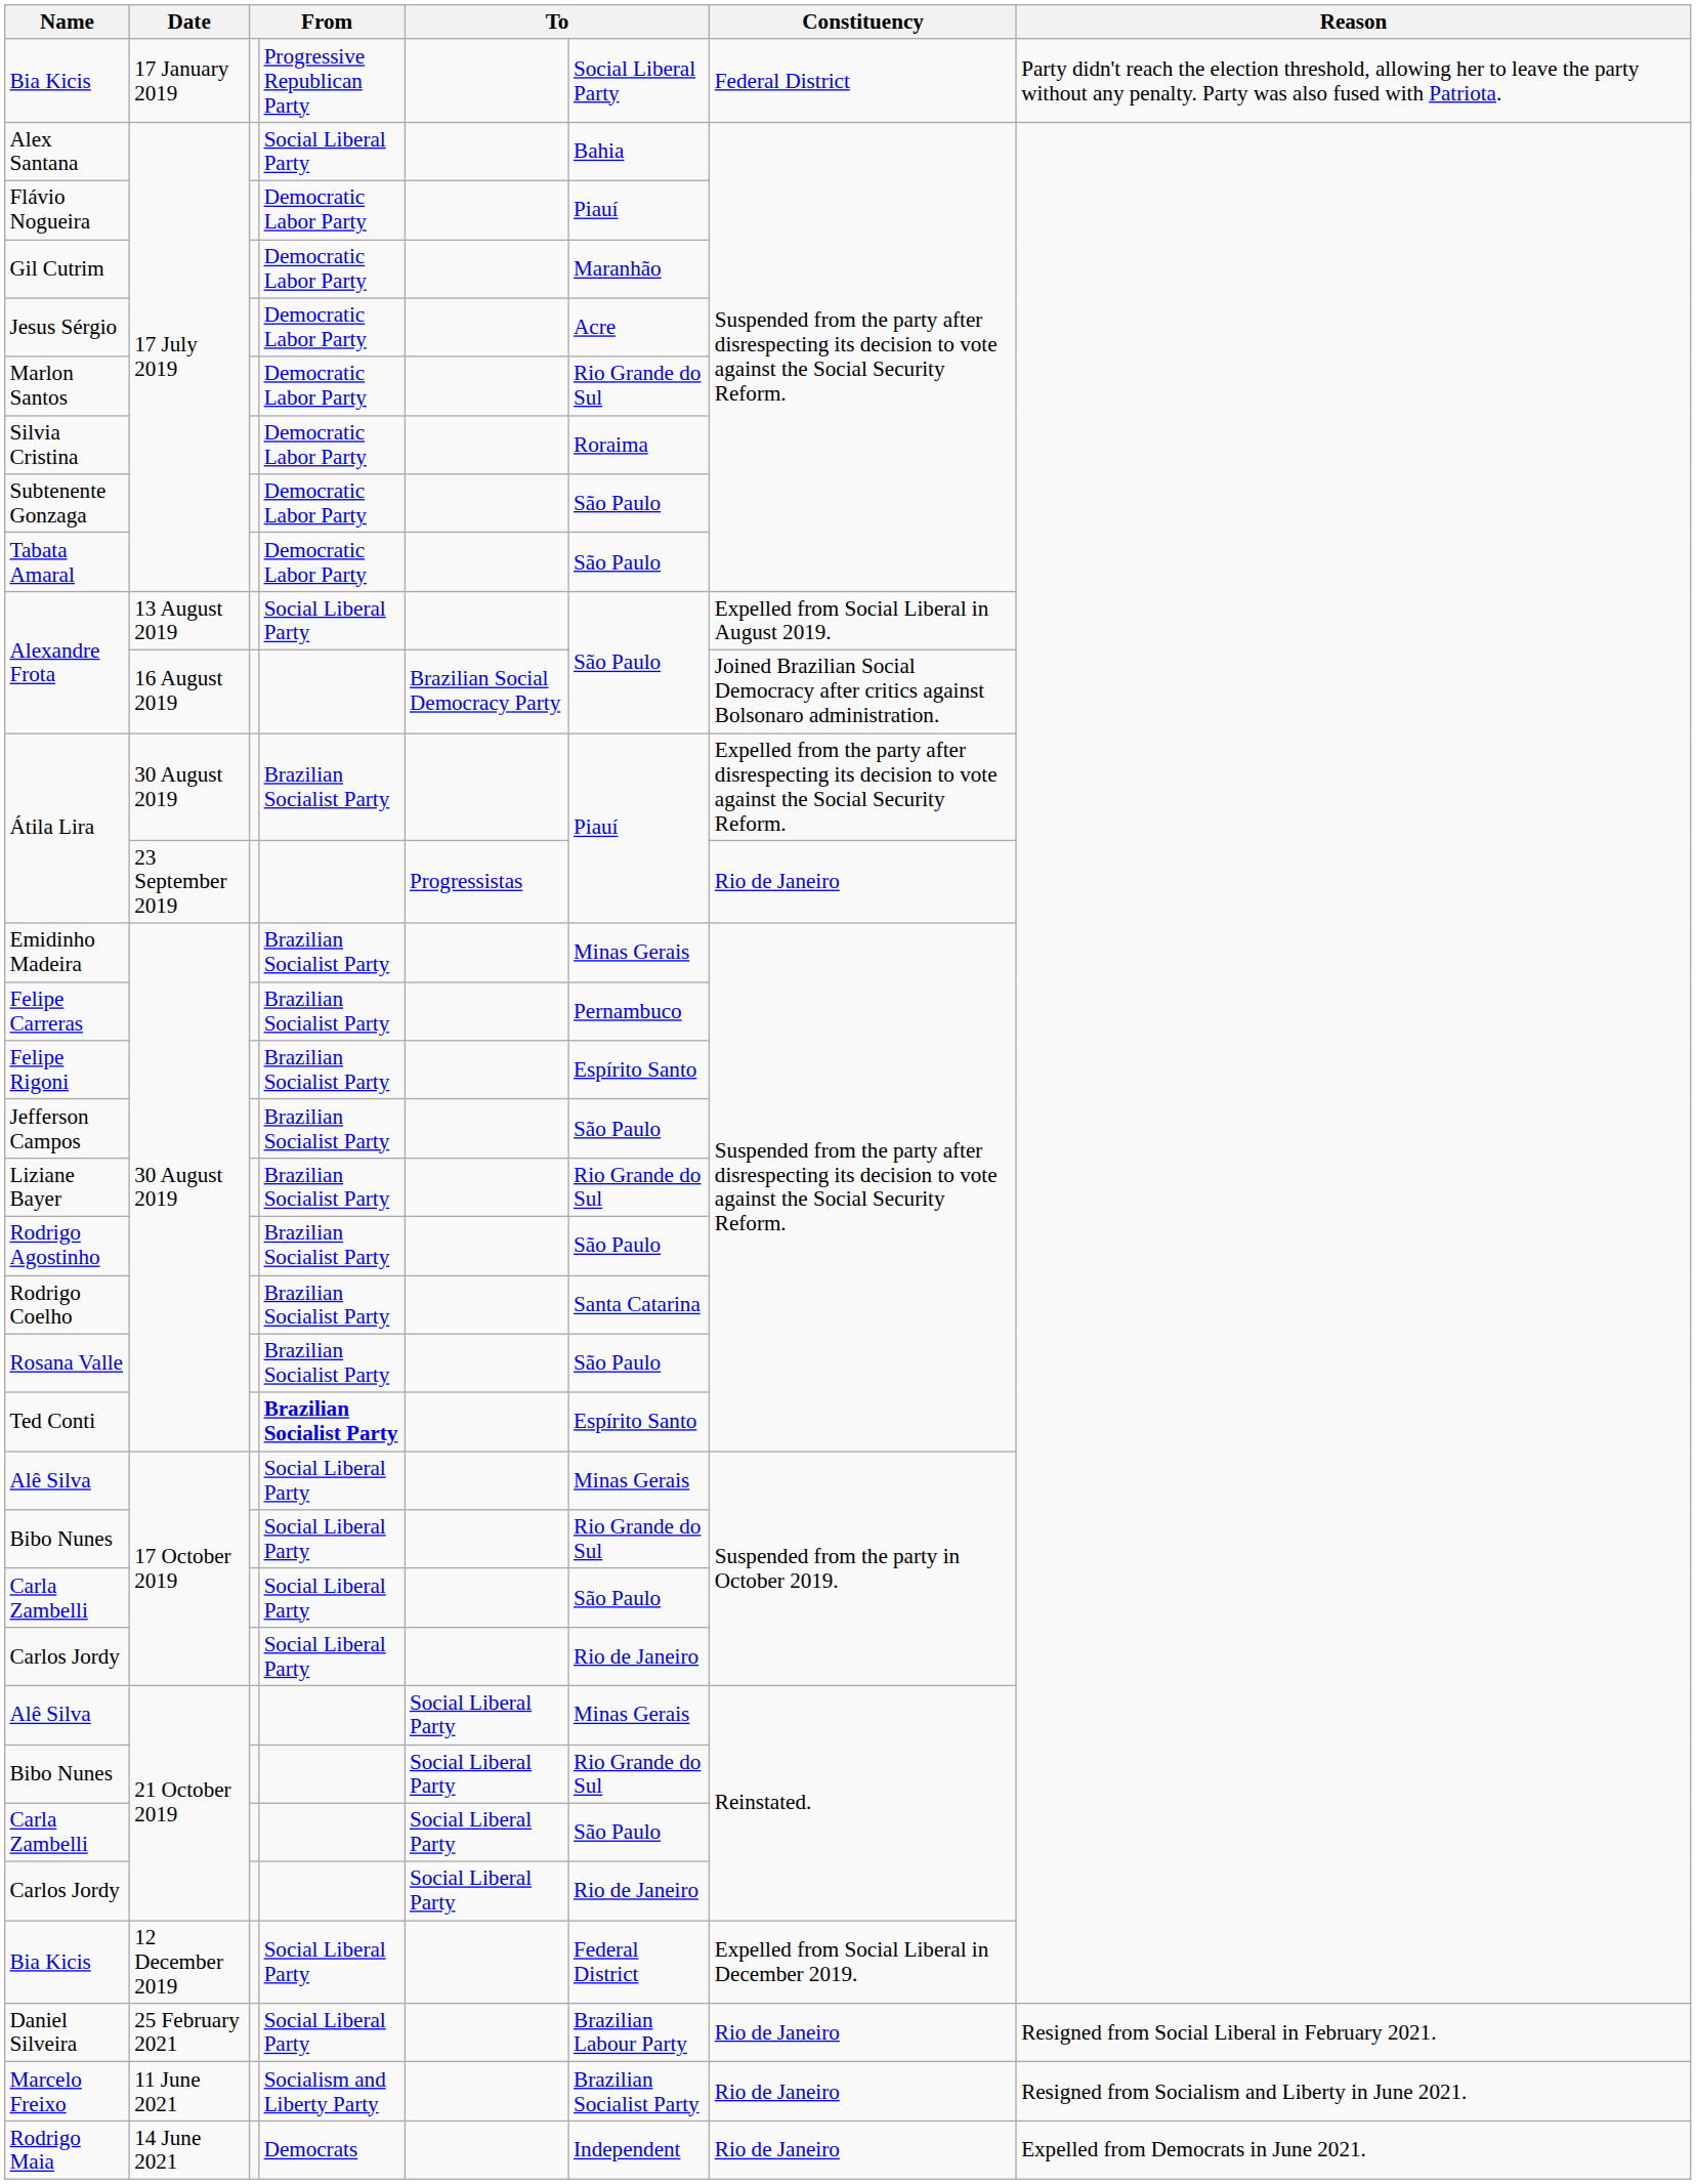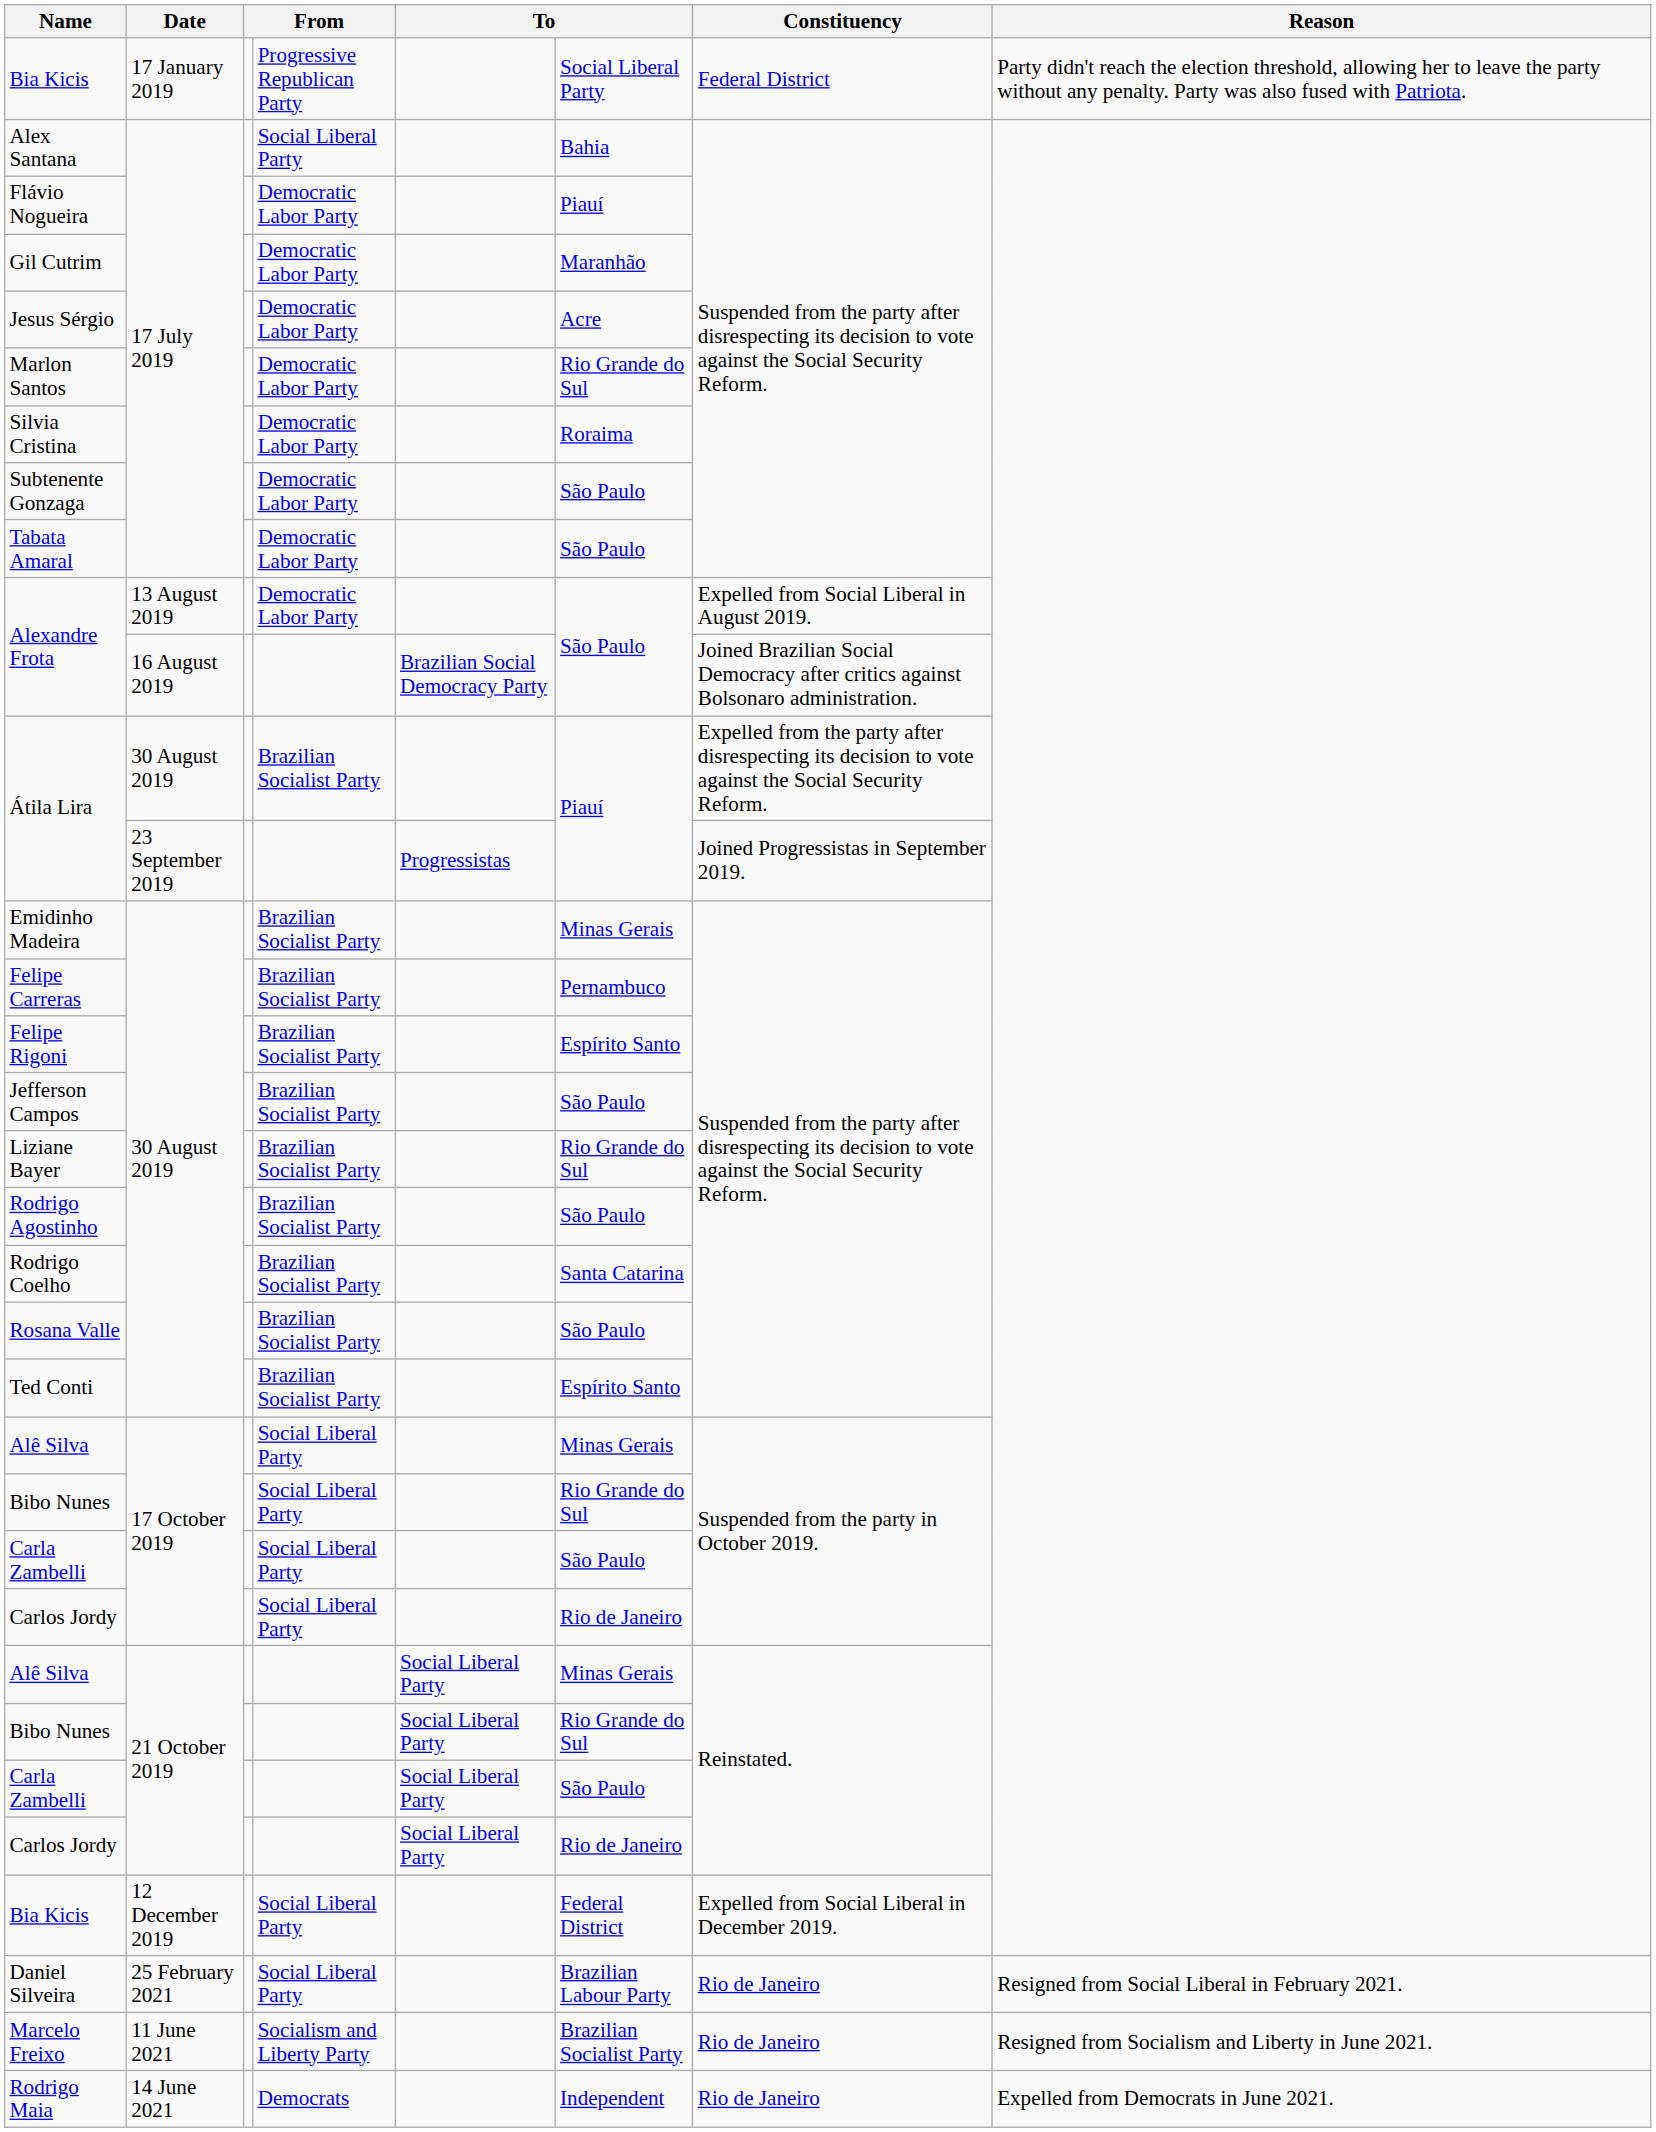 <table class="wikitable sortable">
 <tr>
 <th>Name</th>
 <th>Date</th>
 <th colspan="2">From</th>
 <th colspan="2">To</th>
 <th>Constituency</th>
 <th width="40%">Reason</th>
 </tr>
 <tr>
 <td><a href='#'>Bia Kicis</a></td>
 <td>17 January 2019</td>
 <td style="background:"></td>
 <td><a href='#'>Progressive Republican Party</a></td>
 <td style="background:"></td>
 <td><a href='#'>Social Liberal Party</a></td>
 <td><a href='#'>Federal District</a></td>
 <td>Party didn't reach the election threshold, allowing her to leave the party without any penalty. Party was also fused with <a href='#'>Patriota</a>.</td>
 </tr>
 <tr>
 <td>Alex Santana</td>
 <td rowspan="8">17 July 2019</td>
 <td style="background:"></td>
 <td><a href='#'>Social Liberal Party</a></td>
 <td></td>
 <td><a href='#'>Bahia</a></td>
 <td rowspan="8">Suspended from the party after disrespecting its decision to vote against the Social Security Reform.</td>
 </tr>
 <tr>
 <td>Flávio Nogueira</td>
 <td style="background:"></td>
 <td><a href='#'>Democratic Labor Party</a></td>
 <td></td>
 <td><a href='#'>Piauí</a></td>
 </tr>
 <tr>
 <td>Gil Cutrim</td>
 <td style="background:"></td>
 <td><a href='#'>Democratic Labor Party</a></td>
 <td></td>
 <td><a href='#'>Maranhão</a></td>
 </tr>
 <tr>
 <td>Jesus Sérgio</td>
 <td style="background:"></td>
 <td><a href='#'>Democratic Labor Party</a></td>
 <td></td>
 <td><a href='#'>Acre</a></td>
 </tr>
 <tr>
 <td>Marlon Santos</td>
 <td style="background:"></td>
 <td><a href='#'>Democratic Labor Party</a></td>
 <td></td>
 <td><a href='#'>Rio Grande do Sul</a></td>
 </tr>
 <tr>
 <td>Silvia Cristina</td>
 <td style="background:"></td>
 <td><a href='#'>Democratic Labor Party</a></td>
 <td></td>
 <td><a href='#'>Roraima</a></td>
 </tr>
 <tr>
 <td>Subtenente Gonzaga</td>
 <td style="background:"></td>
 <td><a href='#'>Democratic Labor Party</a></td>
 <td></td>
 <td><a href='#'>São Paulo</a></td>
 </tr>
 <tr>
 <td><a href='#'>Tabata Amaral</a></td>
 <td style="background:"></td>
 <td><a href='#'>Democratic Labor Party</a></td>
 <td></td>
 <td><a href='#'>São Paulo</a></td>
 </tr>
 <tr>
 <td rowspan="2"><a href='#'>Alexandre Frota</a></td>
 <td>13 August 2019</td>
 <td style="background:"></td>
-<td><a href='#'>Social Liberal Party</a></td>
+<td><a href='#'>Democratic Labor Party</a></td>
 <td></td>
 <td rowspan="2"><a href='#'>São Paulo</a></td>
 <td>Expelled from Social Liberal in August 2019.</td>
 </tr>
 <tr>
 <td>16 August 2019</td>
 <td></td>
 <td style="background:"></td>
 <td><a href='#'>Brazilian Social Democracy Party</a></td>
 <td>Joined Brazilian Social Democracy after critics against Bolsonaro administration.</td>
 </tr>
 <tr>
 <td rowspan="2">Átila Lira</td>
 <td>30 August 2019</td>
 <td style="background:"></td>
 <td><a href='#'>Brazilian Socialist Party</a></td>
 <td></td>
 <td rowspan="2"><a href='#'>Piauí</a></td>
 <td>Expelled from the party after disrespecting its decision to vote against the Social Security Reform.</td>
 </tr>
 <tr>
 <td>23 September 2019</td>
 <td></td>
 <td style="background:"></td>
 <td><a href='#'>Progressistas</a></td>
-<td><a href='#'>Rio de Janeiro</a></td>
+<td>Joined Progressistas in September 2019.</td>
 </tr>
 <tr>
 <td>Emidinho Madeira</td>
 <td rowspan="9">30 August 2019</td>
 <td style="background:"></td>
 <td><a href='#'>Brazilian Socialist Party</a></td>
 <td></td>
 <td><a href='#'>Minas Gerais</a></td>
 <td rowspan="9">Suspended from the party after disrespecting its decision to vote against the Social Security Reform.</td>
 </tr>
 <tr>
 <td><a href='#'>Felipe Carreras</a></td>
 <td style="background:"></td>
 <td><a href='#'>Brazilian Socialist Party</a></td>
 <td></td>
 <td><a href='#'>Pernambuco</a></td>
 </tr>
 <tr>
 <td><a href='#'>Felipe Rigoni</a></td>
 <td style="background:"></td>
 <td><a href='#'>Brazilian Socialist Party</a></td>
 <td></td>
 <td><a href='#'>Espírito Santo</a></td>
 </tr>
 <tr>
 <td>Jefferson Campos</td>
 <td style="background:"></td>
 <td><a href='#'>Brazilian Socialist Party</a></td>
 <td></td>
 <td><a href='#'>São Paulo</a></td>
 </tr>
 <tr>
 <td>Liziane Bayer</td>
 <td style="background:"></td>
 <td><a href='#'>Brazilian Socialist Party</a></td>
 <td></td>
 <td><a href='#'>Rio Grande do Sul</a></td>
 </tr>
 <tr>
 <td><a href='#'>Rodrigo Agostinho</a></td>
 <td style="background:"></td>
 <td><a href='#'>Brazilian Socialist Party</a></td>
 <td></td>
 <td><a href='#'>São Paulo</a></td>
 </tr>
 <tr>
 <td>Rodrigo Coelho</td>
 <td style="background:"></td>
 <td><a href='#'>Brazilian Socialist Party</a></td>
 <td></td>
 <td><a href='#'>Santa Catarina</a></td>
 </tr>
 <tr>
 <td><a href='#'>Rosana Valle</a></td>
 <td style="background:"></td>
 <td><a href='#'>Brazilian Socialist Party</a></td>
 <td></td>
 <td><a href='#'>São Paulo</a></td>
 </tr>
 <tr>
 <td>Ted Conti</td>
 <td style="background:"></td>
-<td><strong><a href='#'>Brazilian Socialist Party</a></strong></td>
+<td><a href='#'>Brazilian Socialist Party</a></td>
 <td></td>
 <td><a href='#'>Espírito Santo</a></td>
 </tr>
 <tr>
 <td><a href='#'>Alê Silva</a></td>
 <td rowspan="4">17 October 2019</td>
 <td style="background:"></td>
 <td><a href='#'>Social Liberal Party</a></td>
 <td></td>
 <td><a href='#'>Minas Gerais</a></td>
 <td rowspan="4">Suspended from the party in October 2019.</td>
 </tr>
 <tr>
 <td>Bibo Nunes</td>
 <td style="background:"></td>
 <td><a href='#'>Social Liberal Party</a></td>
 <td></td>
 <td><a href='#'>Rio Grande do Sul</a></td>
 </tr>
 <tr>
 <td><a href='#'>Carla Zambelli</a></td>
 <td style="background:"></td>
 <td><a href='#'>Social Liberal Party</a></td>
 <td></td>
 <td><a href='#'>São Paulo</a></td>
 </tr>
 <tr>
 <td>Carlos Jordy</td>
 <td style="background:"></td>
 <td><a href='#'>Social Liberal Party</a></td>
 <td></td>
 <td><a href='#'>Rio de Janeiro</a></td>
 </tr>
 <tr>
 <td><a href='#'>Alê Silva</a></td>
 <td rowspan="4">21 October 2019</td>
 <td></td>
 <td style="background:"></td>
 <td><a href='#'>Social Liberal Party</a></td>
 <td><a href='#'>Minas Gerais</a></td>
 <td rowspan="4">Reinstated.</td>
 </tr>
 <tr>
 <td>Bibo Nunes</td>
 <td></td>
 <td style="background:"></td>
 <td><a href='#'>Social Liberal Party</a></td>
 <td><a href='#'>Rio Grande do Sul</a></td>
 </tr>
 <tr>
 <td><a href='#'>Carla Zambelli</a></td>
 <td></td>
 <td style="background:"></td>
 <td><a href='#'>Social Liberal Party</a></td>
 <td><a href='#'>São Paulo</a></td>
 </tr>
 <tr>
 <td>Carlos Jordy</td>
 <td></td>
 <td style="background:"></td>
 <td><a href='#'>Social Liberal Party</a></td>
 <td><a href='#'>Rio de Janeiro</a></td>
 </tr>
 <tr>
 <td><a href='#'>Bia Kicis</a></td>
 <td>12 December 2019</td>
 <td style="background:"></td>
 <td><a href='#'>Social Liberal Party</a></td>
 <td></td>
 <td><a href='#'>Federal District</a></td>
 <td>Expelled from Social Liberal in December 2019.</td>
 </tr>
 <tr>
 <td>Daniel Silveira</td>
 <td>25 February 2021</td>
 <td style="background:"></td>
 <td><a href='#'>Social Liberal Party</a></td>
 <td style="background:"></td>
 <td><a href='#'>Brazilian Labour Party</a></td>
 <td><a href='#'>Rio de Janeiro</a></td>
 <td>Resigned from Social Liberal in February 2021.</td>
 </tr>
 <tr>
 <td><a href='#'>Marcelo Freixo</a></td>
 <td>11 June 2021</td>
 <td style="background:"></td>
 <td><a href='#'>Socialism and Liberty Party</a></td>
 <td style="background:"></td>
 <td><a href='#'>Brazilian Socialist Party</a></td>
 <td><a href='#'>Rio de Janeiro</a></td>
 <td>Resigned from Socialism and Liberty in June 2021.</td>
 </tr>
 <tr>
 <td><a href='#'>Rodrigo Maia</a></td>
 <td>14 June 2021</td>
 <td style="background:"></td>
 <td><a href='#'>Democrats</a></td>
 <td style="background:"></td>
 <td><a href='#'>Independent</a></td>
 <td><a href='#'>Rio de Janeiro</a></td>
 <td>Expelled from Democrats in June 2021.</td>
 </tr>
 </table>
